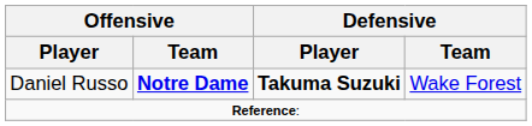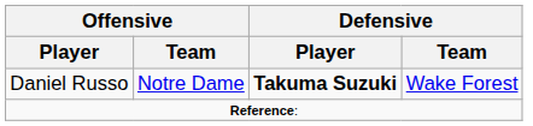 <table class="wikitable" style="text-align: center;">
 <tr>
 <th colspan="2">Offensive</th>
 <th colspan="2">Defensive</th>
 </tr>
 <tr>
 <th>Player</th>
 <th>Team</th>
 <th>Player</th>
 <th>Team</th>
 </tr>
 <tr>
 <td>Daniel Russo</td>
-<td><strong><a href='#'>Notre Dame</a></strong></td>
+<td><a href='#'>Notre Dame</a></td>
 <td><strong>Takuma Suzuki</strong></td>
 <td><a href='#'>Wake Forest</a></td>
 </tr>
 <tr>
 <td colspan="4"  style="font-size:8pt; text-align:center;"><strong>Reference</strong>:</td>
 </tr>
 </table>
